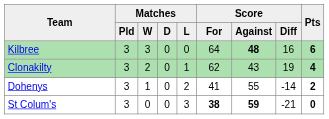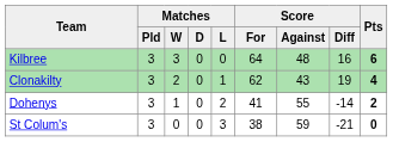 <table style=border-collapse:collapse border=1 cellspacing=0 cellpadding=5>
 <tr align=center bgcolor=#efefef>
 <th rowspan=2 width=165>Team</th>
 <th colspan=4>Matches</th>
 <th colspan=3>Score</th>
 <th rowspan=2width=20>Pts</th>
 </tr>
 <tr align=center bgcolor=#efefef>
 <th width=20>Pld</th>
 <th width=20>W</th>
 <th width=20>D</th>
 <th width=20>L</th>
 <th width=45>For</th>
 <th width=45>Against</th>
 <th width=30>Diff</th>
 </tr>
 <tr align=center style="background:#ACE1AF;">
 <td style="text-align:left;"><a href='#'>Kilbree</a></td>
 <td>3</td>
 <td>3</td>
 <td>0</td>
 <td>0</td>
 <td>64</td>
-<td><strong>48</strong></td>
+<td>48</td>
 <td>16</td>
 <td><strong>6</strong></td>
 </tr>
 <tr align=center style="background:#ACE1AF;">
 <td style="text-align:left;"><a href='#'>Clonakilty</a></td>
 <td>3</td>
 <td>2</td>
 <td>0</td>
 <td>1</td>
 <td>62</td>
 <td>43</td>
 <td>19</td>
 <td><strong>4</strong></td>
 </tr>
 <tr align=center>
 <td style="text-align:left;"><a href='#'>Dohenys</a></td>
 <td>3</td>
 <td>1</td>
 <td>0</td>
 <td>2</td>
 <td>41</td>
 <td>55</td>
 <td>-14</td>
 <td><strong>2</strong></td>
 </tr>
 <tr align=center>
 <td style="text-align:left;"><a href='#'>St Colum's</a></td>
 <td>3</td>
 <td>0</td>
 <td>0</td>
 <td>3</td>
-<td><strong>38</strong></td>
-<td><strong>59</strong></td>
+<td>38</td>
+<td>59</td>
 <td>-21</td>
 <td><strong>0</strong></td>
 </tr>
 </table>
